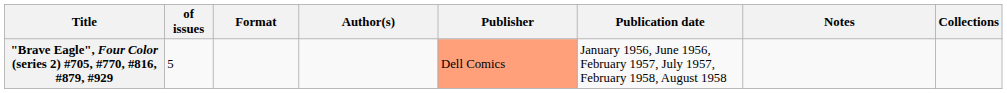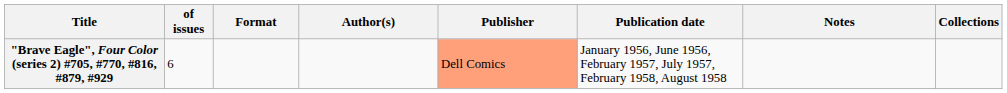 <table class="wikitable">
 <tr>
 <th>Title</th>
 <th style="width:40pt"> of issues</th>
 <th style="width:75pt">Format</th>
 <th style="width:125pt">Author(s)</th>
 <th style="width:125pt">Publisher</th>
 <th style="width:150pt">Publication date</th>
 <th style="width:175pt">Notes</th>
 <th>Collections</th>
 </tr>
 <tr>
 <th>"Brave Eagle", <em>Four Color</em> (series 2) #705, #770, #816, #879, #929</th>
-<td>5</td>
+<td>6</td>
 <td></td>
 <td></td>
 <td style="background: lightsalmon;">Dell Comics</td>
 <td>January 1956, June 1956, February 1957, July 1957, February 1958, August 1958</td>
 <td></td>
 <td></td>
 </tr>
 </table>
